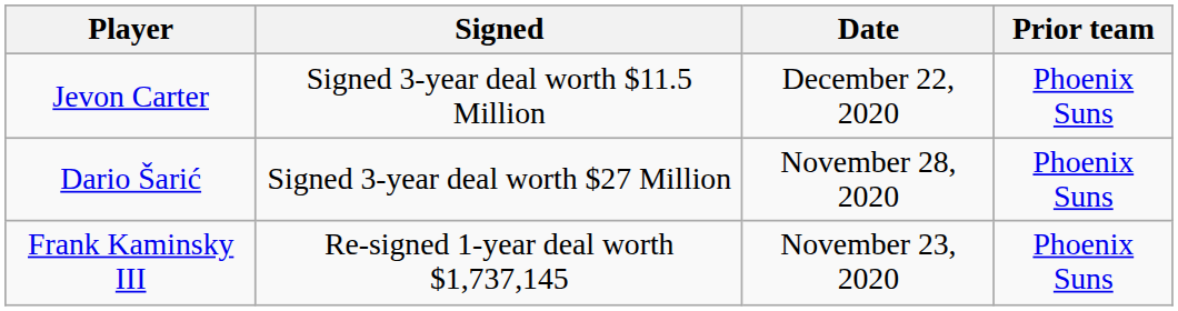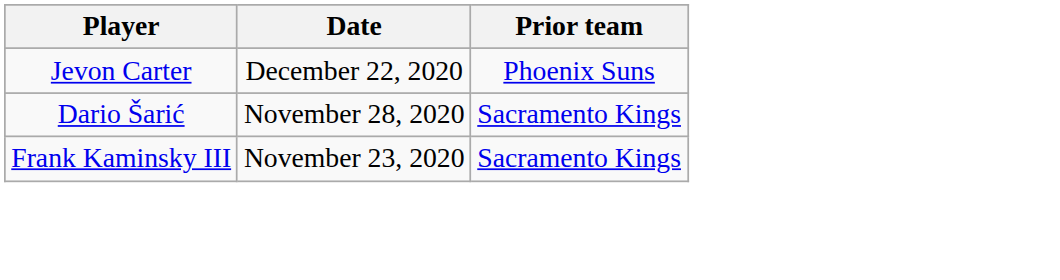 <table class="wikitable sortable sortable">
 <tr>
 <th>Player</th>
-<th>Signed</th>
 <th>Date</th>
 <th>Prior team</th>
 </tr>
 <tr style="text-align: center">
 <td><a href='#'>Jevon Carter</a></td>
-<td>Signed 3-year deal worth $11.5 Million</td>
 <td>December 22, 2020</td>
 <td><a href='#'>Phoenix Suns</a></td>
 </tr>
 <tr style="text-align: center">
 <td><a href='#'>Dario Šarić</a></td>
-<td>Signed 3-year deal worth $27 Million</td>
 <td>November 28, 2020</td>
-<td><a href='#'>Phoenix Suns</a></td>
+<td><a href='#'>Sacramento Kings</a></td>
 </tr>
 <tr style="text-align: center">
 <td><a href='#'>Frank Kaminsky III</a></td>
-<td>Re-signed 1-year deal worth $1,737,145</td>
 <td>November 23, 2020</td>
-<td><a href='#'>Phoenix Suns</a></td>
+<td><a href='#'>Sacramento Kings</a></td>
 </tr>
 </table>
